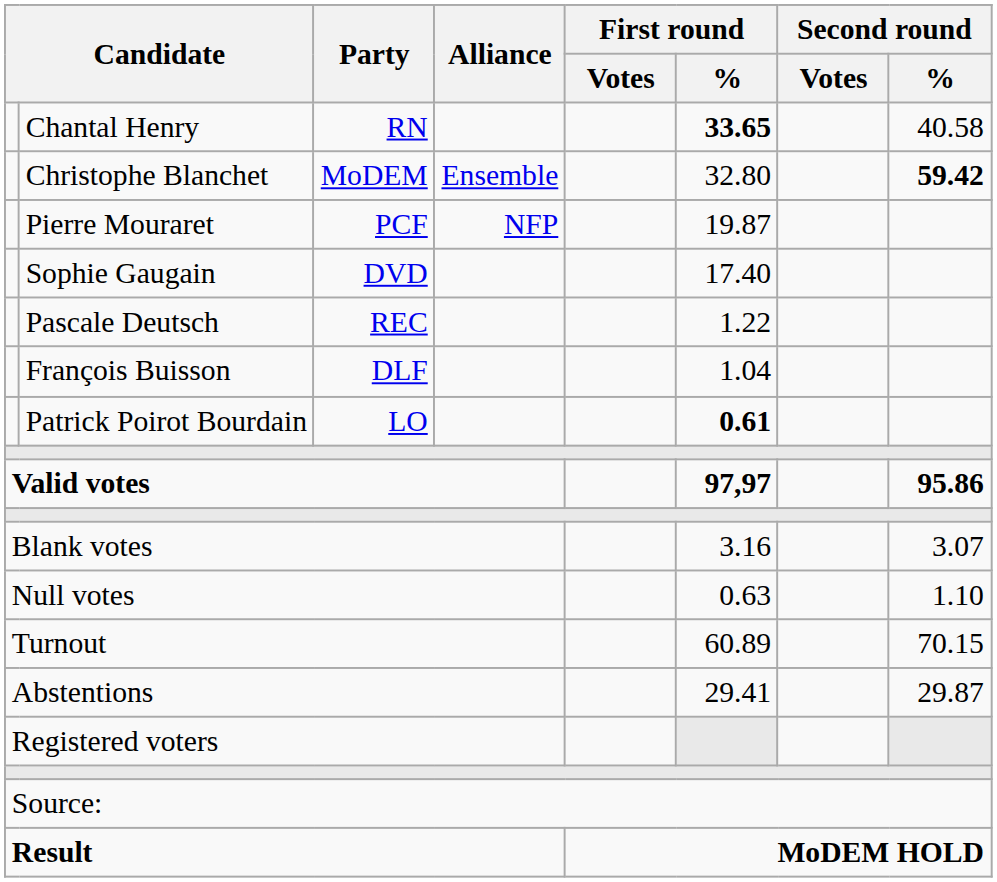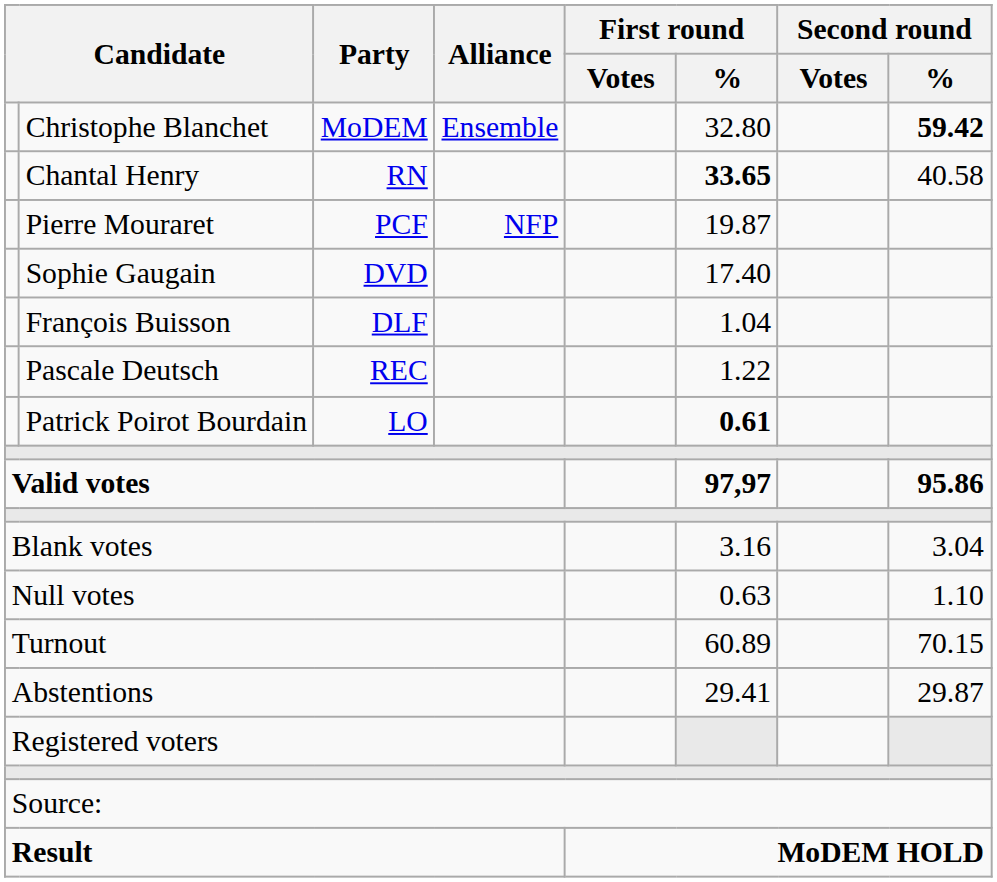 <table class="wikitable" style="text-align:right;font-size:95%;">
 <tr>
 <th colspan="2" rowspan="2">Candidate</th>
 <th colspan="1" rowspan="2">Party</th>
 <th colspan="1" rowspan="2">Alliance</th>
 <th colspan="2">First round</th>
 <th colspan="2">Second round</th>
 </tr>
 <tr>
 <th style="width:50px;">Votes</th>
 <th style="width:45px;">%</th>
 <th style="width:50px;">Votes</th>
 <th style="width:45px;">%</th>
 </tr>
 <tr>
 <td style="color:inherit;background:"></td>
+<td style="text-align:left;">Christophe Blanchet</td>
+<td><a href='#'>MoDEM</a></td>
+<td><a href='#'>Ensemble</a></td>
+<td></td>
+<td>32.80</td>
+<td><strong></strong></td>
+<td><strong>59.42</strong></td>
+</tr>
+<tr>
+<td style="color:inherit;background:"></td>
 <td style="text-align:left;">Chantal Henry</td>
 <td><a href='#'>RN</a></td>
 <td></td>
 <td><strong></strong></td>
 <td><strong>33.65</strong></td>
 <td></td>
 <td>40.58</td>
-</tr>
-<tr>
-<td style="color:inherit;background:"></td>
-<td style="text-align:left;">Christophe Blanchet</td>
-<td><a href='#'>MoDEM</a></td>
-<td><a href='#'>Ensemble</a></td>
-<td></td>
-<td>32.80</td>
-<td><strong></strong></td>
-<td><strong>59.42</strong></td>
 </tr>
 <tr>
 <td style="color:inherit;background:"></td>
 <td style="text-align:left;">Pierre Mouraret</td>
 <td><a href='#'>PCF</a></td>
 <td><a href='#'>NFP</a></td>
 <td></td>
 <td>19.87</td>
 <td></td>
 <td></td>
 </tr>
 <tr>
 <td style="color:inherit;background:"></td>
 <td style="text-align:left;">Sophie Gaugain</td>
 <td><a href='#'>DVD</a></td>
 <td></td>
 <td></td>
 <td>17.40</td>
 <td></td>
 <td></td>
 </tr>
 <tr>
 <td style="color:inherit;background:"></td>
+<td style="text-align:left;">François Buisson</td>
+<td><a href='#'>DLF</a></td>
+<td></td>
+<td></td>
+<td>1.04</td>
+<td></td>
+<td></td>
+</tr>
+<tr>
+<td style="color:inherit;background:"></td>
 <td style="text-align:left;">Pascale Deutsch</td>
 <td><a href='#'>REC</a></td>
 <td></td>
 <td></td>
 <td>1.22</td>
-<td></td>
-<td></td>
-</tr>
-<tr>
-<td style="color:inherit;background:"></td>
-<td style="text-align:left;">François Buisson</td>
-<td><a href='#'>DLF</a></td>
-<td></td>
-<td></td>
-<td>1.04</td>
 <td></td>
 <td></td>
 </tr>
 <tr>
 <td style="color:inherit;background:"></td>
 <td style="text-align:left;">Patrick Poirot Bourdain</td>
 <td><a href='#'>LO</a></td>
 <td></td>
 <td></td>
 <td><strong>0.61</strong></td>
 <td></td>
 <td></td>
 </tr>
 <tr>
 <td colspan="8" style="background:#E9E9E9;"></td>
 </tr>
 <tr style="font-weight:bold;">
 <td colspan="4" style="text-align:left;">Valid votes</td>
 <td></td>
 <td>97,97</td>
 <td></td>
 <td>95.86</td>
 </tr>
 <tr>
 <td colspan="8" style="background:#E9E9E9;"></td>
 </tr>
 <tr>
 <td colspan="4" style="text-align:left;">Blank votes</td>
 <td></td>
 <td>3.16</td>
 <td></td>
-<td>3.07</td>
+<td>3.04</td>
 </tr>
 <tr>
 <td colspan="4" style="text-align:left;">Null votes</td>
 <td></td>
 <td>0.63</td>
 <td></td>
 <td>1.10</td>
 </tr>
 <tr>
 <td colspan="4" style="text-align:left;">Turnout</td>
 <td></td>
 <td>60.89</td>
 <td></td>
 <td>70.15</td>
 </tr>
 <tr>
 <td colspan="4" style="text-align:left;">Abstentions</td>
 <td></td>
 <td>29.41</td>
 <td></td>
 <td>29.87</td>
 </tr>
 <tr>
 <td colspan="4" style="text-align:left;">Registered voters</td>
 <td></td>
 <td style="color:inherit;background:#E9E9E9;"></td>
 <td></td>
 <td style="color:inherit;background:#E9E9E9;"></td>
 </tr>
 <tr>
 <td colspan="8" style="background:#E9E9E9;"></td>
 </tr>
 <tr>
 <td colspan="8" style="text-align:left;">Source: </td>
 </tr>
 <tr style="font-weight:bold">
 <td colspan="4" style="text-align:left;">Result</td>
 <td colspan="4" style="background-color:">MoDEM HOLD</td>
 </tr>
 </table>
